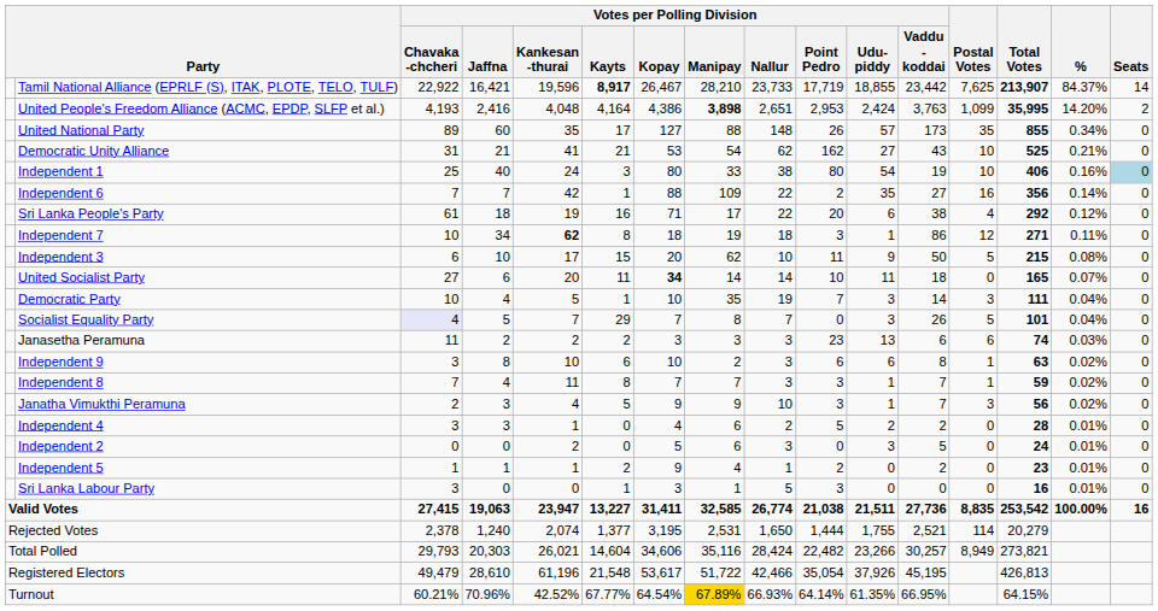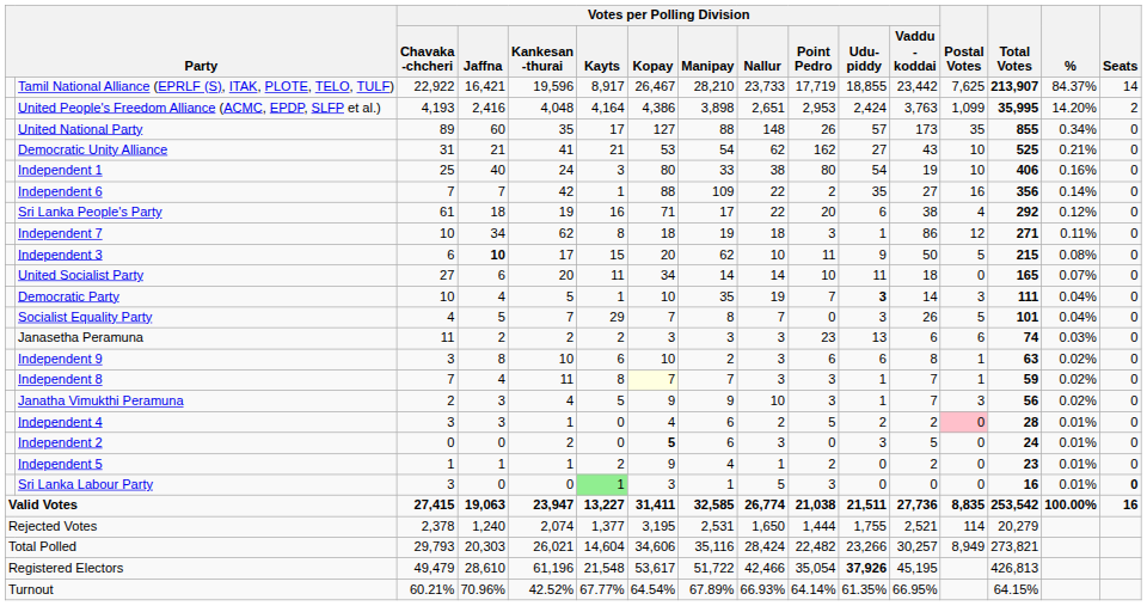 <table class="wikitable" border="1" style="text-align:right;">
 <tr>
 <th align=left valign=bottom rowspan=2 colspan=2>Party</th>
 <th colspan=10>Votes per Polling Division</th>
 <th align=center valign=bottom rowspan=2 width="50">Postal<br>Votes</th>
 <th align=center valign=bottom rowspan=2 width="50">Total Votes</th>
 <th align=center valign=bottom rowspan=2 width="50">%</th>
 <th align=center valign=bottom rowspan=2 width="40">Seats</th>
 </tr>
 <tr>
 <th align=center valign=bottom width="50">Chavaka<br>-chcheri</th>
 <th align=center valign=bottom width="50">Jaffna</th>
 <th align=center valign=bottom width="50">Kankesan<br>-thurai</th>
 <th align=center valign=bottom width="50">Kayts</th>
 <th align=center valign=bottom width="50">Kopay</th>
 <th align=center valign=bottom width="50">Manipay</th>
 <th align=center valign=bottom width="50">Nallur</th>
 <th align=center valign=bottom width="50">Point<br>Pedro</th>
 <th align=center valign=bottom width="50">Udu-<br>piddy</th>
 <th align=center valign=bottom width="50">Vaddu<br>-koddai</th>
 </tr>
 <tr>
 <td bgcolor=> </td>
 <td align=left><a href='#'>Tamil National Alliance</a> (<a href='#'>EPRLF (S)</a>, <a href='#'>ITAK</a>, <a href='#'>PLOTE</a>, <a href='#'>TELO</a>, <a href='#'>TULF</a>)</td>
 <td>22,922</td>
 <td>16,421</td>
 <td>19,596</td>
-<td><strong>8,917</strong></td>
+<td>8,917</td>
 <td>26,467</td>
 <td>28,210</td>
 <td>23,733</td>
 <td>17,719</td>
 <td>18,855</td>
 <td>23,442</td>
 <td>7,625</td>
 <td><strong>213,907</strong></td>
 <td>84.37%</td>
 <td>14</td>
 </tr>
 <tr>
 <td bgcolor=> </td>
 <td align=left><a href='#'>United People's Freedom Alliance</a> (<a href='#'>ACMC</a>, <a href='#'>EPDP</a>, <a href='#'>SLFP</a> et al.)</td>
 <td>4,193</td>
 <td>2,416</td>
 <td>4,048</td>
 <td>4,164</td>
 <td>4,386</td>
-<td><strong>3,898</strong></td>
+<td>3,898</td>
 <td>2,651</td>
 <td>2,953</td>
 <td>2,424</td>
 <td>3,763</td>
 <td>1,099</td>
 <td><strong>35,995</strong></td>
 <td>14.20%</td>
 <td>2</td>
 </tr>
 <tr>
 <td bgcolor=> </td>
 <td align=left><a href='#'>United National Party</a></td>
 <td>89</td>
 <td>60</td>
 <td>35</td>
 <td>17</td>
 <td>127</td>
 <td>88</td>
 <td>148</td>
 <td>26</td>
 <td>57</td>
 <td>173</td>
 <td>35</td>
 <td><strong>855</strong></td>
 <td>0.34%</td>
 <td>0</td>
 </tr>
 <tr>
 <td bgcolor=> </td>
 <td align=left><a href='#'>Democratic Unity Alliance</a></td>
 <td>31</td>
 <td>21</td>
 <td>41</td>
 <td>21</td>
 <td>53</td>
 <td>54</td>
 <td>62</td>
 <td>162</td>
 <td>27</td>
 <td>43</td>
 <td>10</td>
 <td><strong>525</strong></td>
 <td>0.21%</td>
 <td>0</td>
 </tr>
 <tr>
 <td bgcolor=> </td>
 <td align=left><a href='#'>Independent 1</a></td>
 <td>25</td>
 <td>40</td>
 <td>24</td>
 <td>3</td>
 <td>80</td>
 <td>33</td>
 <td>38</td>
 <td>80</td>
 <td>54</td>
 <td>19</td>
 <td>10</td>
 <td><strong>406</strong></td>
 <td>0.16%</td>
-<td style="background: lightblue;">0</td>
+<td>0</td>
 </tr>
 <tr>
 <td bgcolor=> </td>
 <td align=left><a href='#'>Independent 6</a></td>
 <td>7</td>
 <td>7</td>
 <td>42</td>
 <td>1</td>
 <td>88</td>
 <td>109</td>
 <td>22</td>
 <td>2</td>
 <td>35</td>
 <td>27</td>
 <td>16</td>
 <td><strong>356</strong></td>
 <td>0.14%</td>
 <td>0</td>
 </tr>
 <tr>
 <td></td>
 <td align=left><a href='#'>Sri Lanka People's Party</a></td>
 <td>61</td>
 <td>18</td>
 <td>19</td>
 <td>16</td>
 <td>71</td>
 <td>17</td>
 <td>22</td>
 <td>20</td>
 <td>6</td>
 <td>38</td>
 <td>4</td>
 <td><strong>292</strong></td>
 <td>0.12%</td>
 <td>0</td>
 </tr>
 <tr>
 <td bgcolor=> </td>
 <td align=left><a href='#'>Independent 7</a></td>
 <td>10</td>
 <td>34</td>
-<td><strong>62</strong></td>
+<td>62</td>
 <td>8</td>
 <td>18</td>
 <td>19</td>
 <td>18</td>
 <td>3</td>
 <td>1</td>
 <td>86</td>
 <td>12</td>
 <td><strong>271</strong></td>
 <td>0.11%</td>
 <td>0</td>
 </tr>
 <tr>
 <td bgcolor=> </td>
 <td align=left><a href='#'>Independent 3</a></td>
 <td>6</td>
-<td>10</td>
+<td><strong>10</strong></td>
 <td>17</td>
 <td>15</td>
 <td>20</td>
 <td>62</td>
 <td>10</td>
 <td>11</td>
 <td>9</td>
 <td>50</td>
 <td>5</td>
 <td><strong>215</strong></td>
 <td>0.08%</td>
 <td>0</td>
 </tr>
 <tr>
 <td bgcolor=> </td>
 <td align=left><a href='#'>United Socialist Party</a></td>
 <td>27</td>
 <td>6</td>
 <td>20</td>
 <td>11</td>
-<td><strong>34</strong></td>
+<td>34</td>
 <td>14</td>
 <td>14</td>
 <td>10</td>
 <td>11</td>
 <td>18</td>
 <td>0</td>
 <td><strong>165</strong></td>
 <td>0.07%</td>
 <td>0</td>
 </tr>
 <tr>
 <td bgcolor=> </td>
 <td align=left><a href='#'>Democratic Party</a></td>
 <td>10</td>
 <td>4</td>
 <td>5</td>
 <td>1</td>
 <td>10</td>
 <td>35</td>
 <td>19</td>
 <td>7</td>
-<td>3</td>
+<td><strong>3</strong></td>
 <td>14</td>
 <td>3</td>
 <td><strong>111</strong></td>
 <td>0.04%</td>
 <td>0</td>
 </tr>
 <tr>
 <td bgcolor=> </td>
 <td align=left><a href='#'>Socialist Equality Party</a></td>
-<td style="background: lavender;">4</td>
+<td>4</td>
 <td>5</td>
 <td>7</td>
 <td>29</td>
 <td>7</td>
 <td>8</td>
 <td>7</td>
 <td>0</td>
 <td>3</td>
 <td>26</td>
 <td>5</td>
 <td><strong>101</strong></td>
 <td>0.04%</td>
 <td>0</td>
 </tr>
 <tr>
 <td></td>
 <td align=left>Janasetha Peramuna</td>
 <td>11</td>
 <td>2</td>
 <td>2</td>
 <td>2</td>
 <td>3</td>
 <td>3</td>
 <td>3</td>
 <td>23</td>
 <td>13</td>
 <td>6</td>
 <td>6</td>
 <td><strong>74</strong></td>
 <td>0.03%</td>
 <td>0</td>
 </tr>
 <tr>
 <td bgcolor=> </td>
 <td align=left><a href='#'>Independent 9</a></td>
 <td>3</td>
 <td>8</td>
 <td>10</td>
 <td>6</td>
 <td>10</td>
 <td>2</td>
 <td>3</td>
 <td>6</td>
 <td>6</td>
 <td>8</td>
 <td>1</td>
 <td><strong>63</strong></td>
 <td>0.02%</td>
 <td>0</td>
 </tr>
 <tr>
 <td bgcolor=> </td>
 <td align=left><a href='#'>Independent 8</a></td>
 <td>7</td>
 <td>4</td>
 <td>11</td>
 <td>8</td>
-<td>7</td>
+<td style="background: lightyellow;">7</td>
 <td>7</td>
 <td>3</td>
 <td>3</td>
 <td>1</td>
 <td>7</td>
 <td>1</td>
 <td><strong>59</strong></td>
 <td>0.02%</td>
 <td>0</td>
 </tr>
 <tr>
 <td bgcolor=> </td>
 <td align=left><a href='#'>Janatha Vimukthi Peramuna</a></td>
 <td>2</td>
 <td>3</td>
 <td>4</td>
 <td>5</td>
 <td>9</td>
 <td>9</td>
 <td>10</td>
 <td>3</td>
 <td>1</td>
 <td>7</td>
 <td>3</td>
 <td><strong>56</strong></td>
 <td>0.02%</td>
 <td>0</td>
 </tr>
 <tr>
 <td bgcolor=> </td>
 <td align=left><a href='#'>Independent 4</a></td>
 <td>3</td>
 <td>3</td>
 <td>1</td>
 <td>0</td>
 <td>4</td>
 <td>6</td>
 <td>2</td>
 <td>5</td>
 <td>2</td>
 <td>2</td>
-<td>0</td>
+<td style="background: pink;">0</td>
 <td><strong>28</strong></td>
 <td>0.01%</td>
 <td>0</td>
 </tr>
 <tr>
 <td bgcolor=> </td>
 <td align=left><a href='#'>Independent 2</a></td>
 <td>0</td>
 <td>0</td>
 <td>2</td>
 <td>0</td>
-<td>5</td>
+<td><strong>5</strong></td>
 <td>6</td>
 <td>3</td>
 <td>0</td>
 <td>3</td>
 <td>5</td>
 <td>0</td>
 <td><strong>24</strong></td>
 <td>0.01%</td>
 <td>0</td>
 </tr>
 <tr>
 <td bgcolor=> </td>
 <td align=left><a href='#'>Independent 5</a></td>
 <td>1</td>
 <td>1</td>
 <td>1</td>
 <td>2</td>
 <td>9</td>
 <td>4</td>
 <td>1</td>
 <td>2</td>
 <td>0</td>
 <td>2</td>
 <td>0</td>
 <td><strong>23</strong></td>
 <td>0.01%</td>
 <td>0</td>
 </tr>
 <tr>
 <td></td>
 <td align=left><a href='#'>Sri Lanka Labour Party</a></td>
 <td>3</td>
 <td>0</td>
 <td>0</td>
-<td>1</td>
+<td style="background: lightgreen;">1</td>
 <td>3</td>
 <td>1</td>
 <td>5</td>
 <td>3</td>
 <td>0</td>
 <td>0</td>
 <td>0</td>
 <td><strong>16</strong></td>
 <td>0.01%</td>
-<td>0</td>
+<td><strong>0</strong></td>
 </tr>
 <tr style="font-weight:bold">
 <td align=left colspan=2>Valid Votes</td>
 <td>27,415</td>
 <td>19,063</td>
 <td>23,947</td>
 <td>13,227</td>
 <td>31,411</td>
 <td>32,585</td>
 <td>26,774</td>
 <td>21,038</td>
 <td>21,511</td>
 <td>27,736</td>
 <td>8,835</td>
 <td>253,542</td>
 <td>100.00%</td>
 <td>16</td>
 </tr>
 <tr>
 <td align=left colspan=2>Rejected Votes</td>
 <td>2,378</td>
 <td>1,240</td>
 <td>2,074</td>
 <td>1,377</td>
 <td>3,195</td>
 <td>2,531</td>
 <td>1,650</td>
 <td>1,444</td>
 <td>1,755</td>
 <td>2,521</td>
 <td>114</td>
 <td>20,279</td>
 <td></td>
 <td></td>
 </tr>
 <tr>
 <td align=left colspan=2>Total Polled</td>
 <td>29,793</td>
 <td>20,303</td>
 <td>26,021</td>
 <td>14,604</td>
 <td>34,606</td>
 <td>35,116</td>
 <td>28,424</td>
 <td>22,482</td>
 <td>23,266</td>
 <td>30,257</td>
 <td>8,949</td>
 <td>273,821</td>
 <td></td>
 <td></td>
 </tr>
 <tr>
 <td align=left colspan=2>Registered Electors</td>
 <td>49,479</td>
 <td>28,610</td>
 <td>61,196</td>
 <td>21,548</td>
 <td>53,617</td>
 <td>51,722</td>
 <td>42,466</td>
 <td>35,054</td>
-<td>37,926</td>
+<td><strong>37,926</strong></td>
 <td>45,195</td>
 <td></td>
 <td>426,813</td>
 <td></td>
 <td></td>
 </tr>
 <tr>
 <td align=left colspan=2>Turnout</td>
 <td>60.21%</td>
 <td>70.96%</td>
 <td>42.52%</td>
 <td>67.77%</td>
 <td>64.54%</td>
-<td style="background: gold;">67.89%</td>
+<td>67.89%</td>
 <td>66.93%</td>
 <td>64.14%</td>
 <td>61.35%</td>
 <td>66.95%</td>
 <td></td>
 <td>64.15%</td>
 <td></td>
 <td></td>
 </tr>
 </table>
